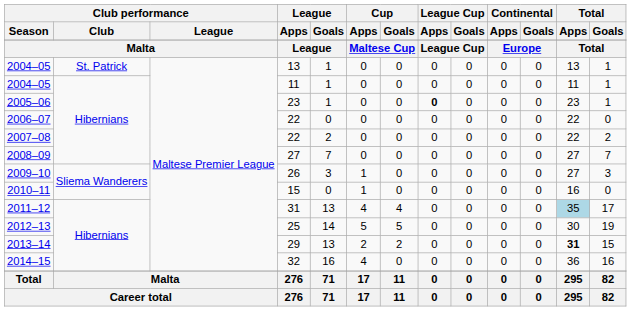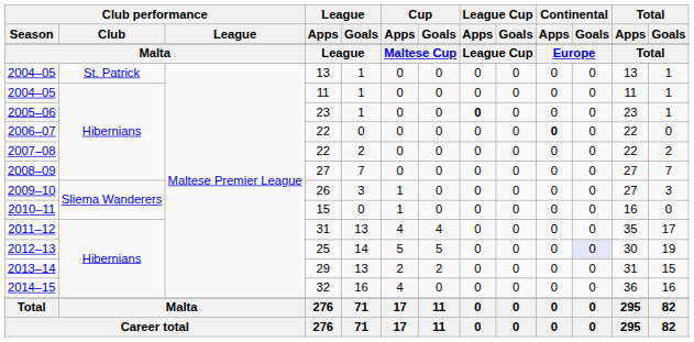 <table class="wikitable" style="text-align:center">
 <tr>
 <th colspan=3>Club performance</th>
 <th colspan=2>League</th>
 <th colspan=2>Cup</th>
 <th colspan=2>League Cup</th>
 <th colspan=2>Continental</th>
 <th colspan=2>Total</th>
 </tr>
 <tr>
 <th>Season</th>
 <th>Club</th>
 <th>League</th>
 <th>Apps</th>
 <th>Goals</th>
 <th>Apps</th>
 <th>Goals</th>
 <th>Apps</th>
 <th>Goals</th>
 <th>Apps</th>
 <th>Goals</th>
 <th>Apps</th>
 <th>Goals</th>
 </tr>
 <tr>
 </tr>
 <tr>
 <th colspan=3>Malta</th>
 <th colspan=2>League</th>
 <th colspan=2><a href='#'>Maltese Cup</a></th>
 <th colspan=2>League Cup</th>
 <th colspan=2><a href='#'>Europe</a></th>
 <th colspan=2>Total</th>
 </tr>
 <tr>
 <td><a href='#'>2004–05</a></td>
 <td rowspan="1"><a href='#'>St. Patrick</a></td>
 <td rowspan="12"><a href='#'>Maltese Premier League</a></td>
 <td>13</td>
 <td>1</td>
 <td>0</td>
 <td>0</td>
 <td>0</td>
 <td>0</td>
 <td>0</td>
 <td>0</td>
 <td>13</td>
 <td>1</td>
 </tr>
 <tr>
 <td><a href='#'>2004–05</a></td>
 <td rowspan="5"><a href='#'>Hibernians</a></td>
 <td>11</td>
 <td>1</td>
 <td>0</td>
 <td>0</td>
 <td>0</td>
 <td>0</td>
 <td>0</td>
 <td>0</td>
 <td>11</td>
 <td>1</td>
 </tr>
 <tr>
 <td><a href='#'>2005–06</a></td>
 <td>23</td>
 <td>1</td>
 <td>0</td>
 <td>0</td>
 <td><strong>0</strong></td>
 <td>0</td>
 <td>0</td>
 <td>0</td>
 <td>23</td>
 <td>1</td>
 </tr>
 <tr>
 <td><a href='#'>2006–07</a></td>
 <td>22</td>
 <td>0</td>
 <td>0</td>
 <td>0</td>
 <td>0</td>
 <td>0</td>
-<td>0</td>
+<td><strong>0</strong></td>
 <td>0</td>
 <td>22</td>
 <td>0</td>
 </tr>
 <tr>
 <td><a href='#'>2007–08</a></td>
 <td>22</td>
 <td>2</td>
 <td>0</td>
 <td>0</td>
 <td>0</td>
 <td>0</td>
 <td>0</td>
 <td>0</td>
 <td>22</td>
 <td>2</td>
 </tr>
 <tr>
 <td><a href='#'>2008–09</a></td>
 <td>27</td>
 <td>7</td>
 <td>0</td>
 <td>0</td>
 <td>0</td>
 <td>0</td>
 <td>0</td>
 <td>0</td>
 <td>27</td>
 <td>7</td>
 </tr>
 <tr>
 <td><a href='#'>2009–10</a></td>
 <td rowspan="2"><a href='#'>Sliema Wanderers</a></td>
 <td>26</td>
 <td>3</td>
 <td>1</td>
 <td>0</td>
 <td>0</td>
 <td>0</td>
 <td>0</td>
 <td>0</td>
 <td>27</td>
 <td>3</td>
 </tr>
 <tr>
 <td><a href='#'>2010–11</a></td>
 <td>15</td>
 <td>0</td>
 <td>1</td>
 <td>0</td>
 <td>0</td>
 <td>0</td>
 <td>0</td>
 <td>0</td>
 <td>16</td>
 <td>0</td>
 </tr>
 <tr>
 <td><a href='#'>2011–12</a></td>
 <td rowspan="4"><a href='#'>Hibernians</a></td>
 <td>31</td>
 <td>13</td>
 <td>4</td>
 <td>4</td>
 <td>0</td>
 <td>0</td>
 <td>0</td>
 <td>0</td>
-<td style="background: lightblue;">35</td>
+<td>35</td>
 <td>17</td>
 </tr>
 <tr>
 <td><a href='#'>2012–13</a></td>
 <td>25</td>
 <td>14</td>
 <td>5</td>
 <td>5</td>
 <td>0</td>
 <td>0</td>
 <td>0</td>
-<td>0</td>
+<td style="background: lavender;">0</td>
 <td>30</td>
 <td>19</td>
 </tr>
 <tr>
 <td><a href='#'>2013–14</a></td>
 <td>29</td>
 <td>13</td>
 <td>2</td>
 <td>2</td>
 <td>0</td>
 <td>0</td>
 <td>0</td>
 <td>0</td>
-<td><strong>31</strong></td>
+<td>31</td>
 <td>15</td>
 </tr>
 <tr>
 <td><a href='#'>2014–15</a></td>
 <td>32</td>
 <td>16</td>
 <td>4</td>
 <td>0</td>
 <td>0</td>
 <td>0</td>
 <td>0</td>
 <td>0</td>
 <td>36</td>
 <td>16</td>
 </tr>
 <tr>
 </tr>
 <tr>
 <th rowspan=1>Total</th>
 <th colspan=2>Malta</th>
 <th>276</th>
 <th>71</th>
 <th>17</th>
 <th>11</th>
 <th>0</th>
 <th>0</th>
 <th>0</th>
 <th>0</th>
 <th>295</th>
 <th>82</th>
 </tr>
 <tr>
 <th colspan=3>Career total</th>
 <th>276</th>
 <th>71</th>
 <th>17</th>
 <th>11</th>
 <th>0</th>
 <th>0</th>
 <th>0</th>
 <th>0</th>
 <th>295</th>
 <th>82</th>
 </tr>
 </table>
